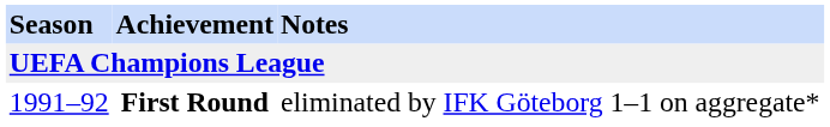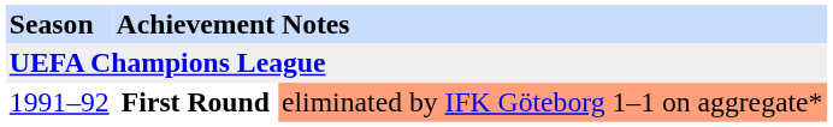 <table class="toccolours" border="0" cellpadding="2" cellspacing="0" style="text-align:left; margin:0.5em;">
 <tr style="background:#cadcfb">
 <th>Season</th>
 <th>Achievement</th>
 <th>Notes</th>
 </tr>
 <tr>
 <th colspan="4" style="background:#EFEFEF"><a href='#'>UEFA Champions League</a></th>
 </tr>
 <tr>
 <td style="text-align:center"><a href='#'>1991–92</a></td>
 <td style="text-align:center"><strong>First Round</strong></td>
-<td style="text-align:left">eliminated by  <a href='#'>IFK Göteborg</a> 1–1 on aggregate*</td>
+<td style="background: lightsalmon; text-align:left">eliminated by  <a href='#'>IFK Göteborg</a> 1–1 on aggregate*</td>
 </tr>
 </table>
